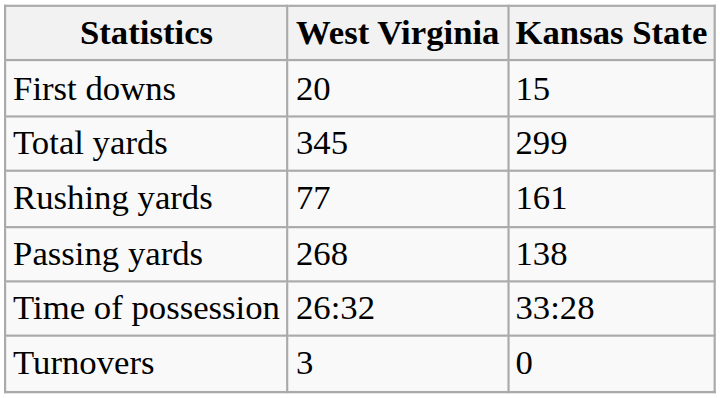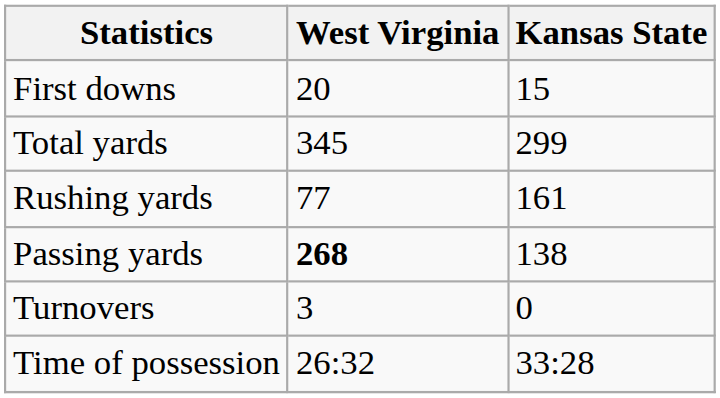 <table class="wikitable" style="float: left;">
 <tr>
 <th>Statistics</th>
 <th>West Virginia</th>
 <th>Kansas State</th>
 </tr>
 <tr>
 <td>First downs</td>
 <td>20</td>
 <td>15</td>
 </tr>
 <tr>
 <td>Total yards</td>
 <td>345</td>
 <td>299</td>
 </tr>
 <tr>
 <td>Rushing yards</td>
 <td>77</td>
 <td>161</td>
 </tr>
 <tr>
 <td>Passing yards</td>
-<td>268</td>
+<td><strong>268</strong></td>
 <td>138</td>
+</tr>
+<tr>
+<td>Turnovers</td>
+<td>3</td>
+<td>0</td>
 </tr>
 <tr>
 <td>Time of possession</td>
 <td>26:32</td>
 <td>33:28</td>
 </tr>
 <tr>
-<td>Turnovers</td>
-<td>3</td>
-<td>0</td>
-</tr>
-<tr>
 </tr>
 </table>
